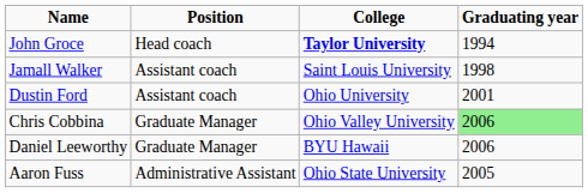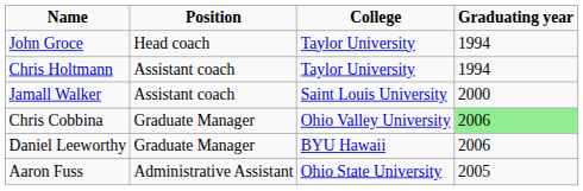 <table class="wikitable">
 <tr>
 <td align=center><span> <strong>Name</strong></span></td>
 <td align=center><span> <strong>Position</strong></span></td>
 <td align=center><span> <strong>College</strong></span></td>
 <td align=center><span> <strong>Graduating year</strong></span></td>
 </tr>
 <tr>
 <td><a href='#'>John Groce</a></td>
 <td>Head coach</td>
-<td><strong><a href='#'>Taylor University</a></strong></td>
+<td><a href='#'>Taylor University</a></td>
+<td>1994</td>
+</tr>
+<tr>
+<td><a href='#'>Chris Holtmann</a></td>
+<td>Assistant coach</td>
+<td><a href='#'>Taylor University</a></td>
 <td>1994</td>
 </tr>
 <tr>
 <td><a href='#'>Jamall Walker</a></td>
 <td>Assistant coach</td>
 <td><a href='#'>Saint Louis University</a></td>
-<td>1998</td>
-</tr>
-<tr>
-<td><a href='#'>Dustin Ford</a></td>
-<td>Assistant coach</td>
-<td><a href='#'>Ohio University</a></td>
-<td>2001</td>
+<td>2000</td>
 </tr>
 <tr>
 <td>Chris Cobbina</td>
 <td>Graduate Manager</td>
 <td><a href='#'>Ohio Valley University</a></td>
 <td style="background: lightgreen;">2006</td>
 </tr>
 <tr>
 <td>Daniel Leeworthy</td>
 <td>Graduate Manager</td>
 <td><a href='#'>BYU Hawaii</a></td>
 <td>2006</td>
 </tr>
 <tr>
 <td>Aaron Fuss</td>
 <td>Administrative Assistant</td>
 <td><a href='#'>Ohio State University</a></td>
 <td>2005</td>
 </tr>
 </table>
